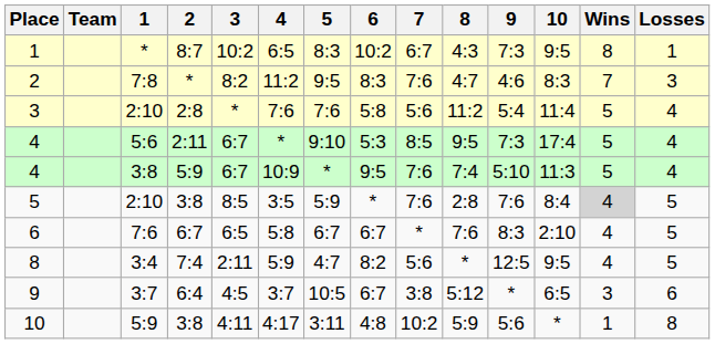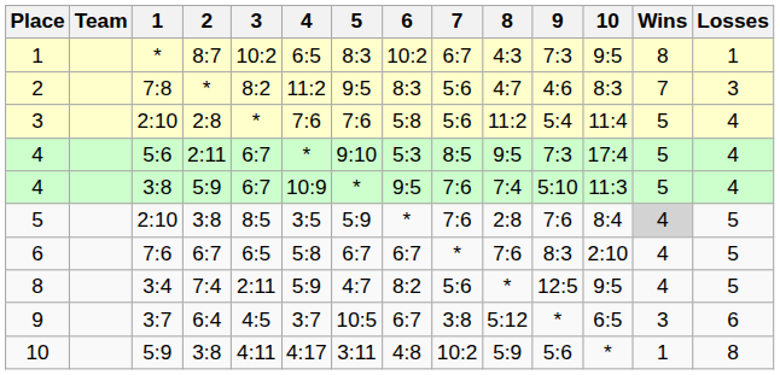 <table class="wikitable" style="text-align:center;">
 <tr>
 <th>Place</th>
 <th>Team</th>
 <th width="25">1</th>
 <th width="25">2</th>
 <th width="25">3</th>
 <th width="25">4</th>
 <th width="25">5</th>
 <th width="25">6</th>
 <th width="25">7</th>
 <th width="25">8</th>
 <th width="25">9</th>
 <th width="25">10</th>
 <th>Wins</th>
 <th>Losses</th>
 </tr>
 <tr bgcolor=#ffc>
 <td>1</td>
 <td align="left"></td>
 <td>*</td>
 <td>8:7</td>
 <td>10:2</td>
 <td>6:5</td>
 <td>8:3</td>
 <td>10:2</td>
 <td>6:7</td>
 <td>4:3</td>
 <td>7:3</td>
 <td>9:5</td>
 <td>8</td>
 <td>1</td>
 </tr>
 <tr bgcolor=#ffc>
 <td>2</td>
 <td align="left"></td>
 <td>7:8</td>
 <td>*</td>
 <td>8:2</td>
 <td>11:2</td>
 <td>9:5</td>
 <td>8:3</td>
-<td>7:6</td>
+<td>5:6</td>
 <td>4:7</td>
 <td>4:6</td>
 <td>8:3</td>
 <td>7</td>
 <td>3</td>
 </tr>
 <tr bgcolor=#ffc>
 <td>3</td>
 <td align="left"></td>
 <td>2:10</td>
 <td>2:8</td>
 <td>*</td>
 <td>7:6</td>
 <td>7:6</td>
 <td>5:8</td>
 <td>5:6</td>
 <td>11:2</td>
 <td>5:4</td>
 <td>11:4</td>
 <td>5</td>
 <td>4</td>
 </tr>
 <tr bgcolor=#cfc>
 <td>4</td>
 <td align="left"></td>
 <td>5:6</td>
 <td>2:11</td>
 <td>6:7</td>
 <td>*</td>
 <td>9:10</td>
 <td>5:3</td>
 <td>8:5</td>
 <td>9:5</td>
 <td>7:3</td>
 <td>17:4</td>
 <td>5</td>
 <td>4</td>
 </tr>
 <tr bgcolor=#cfc>
 <td>4</td>
 <td align="left"></td>
 <td>3:8</td>
 <td>5:9</td>
 <td>6:7</td>
 <td>10:9</td>
 <td>*</td>
 <td>9:5</td>
 <td>7:6</td>
 <td>7:4</td>
 <td>5:10</td>
 <td>11:3</td>
 <td>5</td>
 <td>4</td>
 </tr>
 <tr>
 <td>5</td>
 <td align="left"></td>
 <td>2:10</td>
 <td>3:8</td>
 <td>8:5</td>
 <td>3:5</td>
 <td>5:9</td>
 <td>*</td>
 <td>7:6</td>
 <td>2:8</td>
 <td>7:6</td>
 <td>8:4</td>
 <td style="background: lightgrey;">4</td>
 <td>5</td>
 </tr>
 <tr>
 <td>6</td>
 <td align="left"></td>
 <td>7:6</td>
 <td>6:7</td>
 <td>6:5</td>
 <td>5:8</td>
 <td>6:7</td>
 <td>6:7</td>
 <td>*</td>
 <td>7:6</td>
 <td>8:3</td>
 <td>2:10</td>
 <td>4</td>
 <td>5</td>
 </tr>
 <tr>
 <td>8</td>
 <td align="left"></td>
 <td>3:4</td>
 <td>7:4</td>
 <td>2:11</td>
 <td>5:9</td>
 <td>4:7</td>
 <td>8:2</td>
 <td>5:6</td>
 <td>*</td>
 <td>12:5</td>
 <td>9:5</td>
 <td>4</td>
 <td>5</td>
 </tr>
 <tr>
 <td>9</td>
 <td align="left"></td>
 <td>3:7</td>
 <td>6:4</td>
 <td>4:5</td>
 <td>3:7</td>
 <td>10:5</td>
 <td>6:7</td>
 <td>3:8</td>
 <td>5:12</td>
 <td>*</td>
 <td>6:5</td>
 <td>3</td>
 <td>6</td>
 </tr>
 <tr>
 <td>10</td>
 <td align="left"></td>
 <td>5:9</td>
 <td>3:8</td>
 <td>4:11</td>
 <td>4:17</td>
 <td>3:11</td>
 <td>4:8</td>
 <td>10:2</td>
 <td>5:9</td>
 <td>5:6</td>
 <td>*</td>
 <td>1</td>
 <td>8</td>
 </tr>
 </table>
